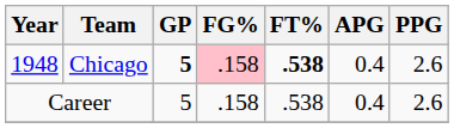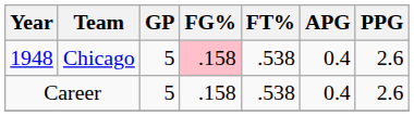 <table class="wikitable sortable" style="font-size:95%; text-align:right;">
 <tr>
 <th>Year</th>
 <th>Team</th>
 <th>GP</th>
 <th>FG%</th>
 <th>FT%</th>
 <th>APG</th>
 <th>PPG</th>
 </tr>
 <tr>
 <td style="text-align:left;"><a href='#'>1948</a></td>
 <td style="text-align:left;"><a href='#'>Chicago</a></td>
-<td><strong>5</strong></td>
+<td>5</td>
 <td style="background: pink;">.158</td>
-<td><strong>.538</strong></td>
+<td>.538</td>
 <td>0.4</td>
 <td>2.6</td>
 </tr>
 <tr>
 <td style="text-align:center;" colspan="2">Career</td>
 <td>5</td>
 <td>.158</td>
 <td>.538</td>
 <td>0.4</td>
 <td>2.6</td>
 </tr>
 <tr>
 </tr>
 </table>
